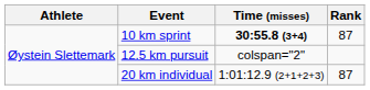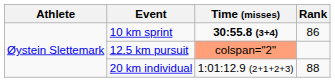 <table class="wikitable" style="font-size:90%;text-align:center">
 <tr>
 <th>Athlete</th>
 <th>Event</th>
 <th>Time <small>(misses)</small></th>
 <th>Rank</th>
 </tr>
 <tr>
 <td rowspan="3" style="text-align:left;"><a href='#'>Øystein Slettemark</a></td>
 <td style="text-align:left;"><a href='#'>10 km sprint</a></td>
 <td><strong>30:55.8 <small>(3+4)</small></strong></td>
-<td>87</td>
+<td>86</td>
 </tr>
 <tr>
 <td style="text-align:left;"><a href='#'>12.5 km pursuit</a></td>
-<td>colspan="2" </td>
+<td style="background: lightsalmon;">colspan="2" </td>
 </tr>
 <tr>
 <td style="text-align:left;"><a href='#'>20 km individual</a></td>
 <td>1:01:12.9 <small>(2+1+2+3)</small></td>
-<td>87</td>
+<td>88</td>
 </tr>
 </table>
